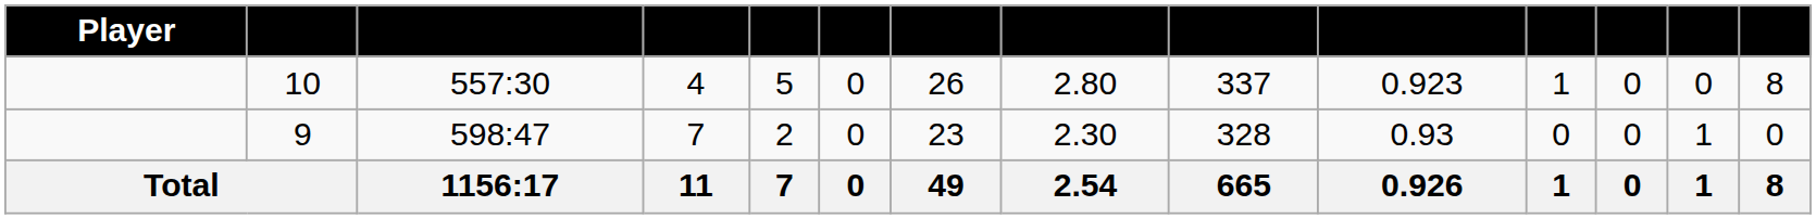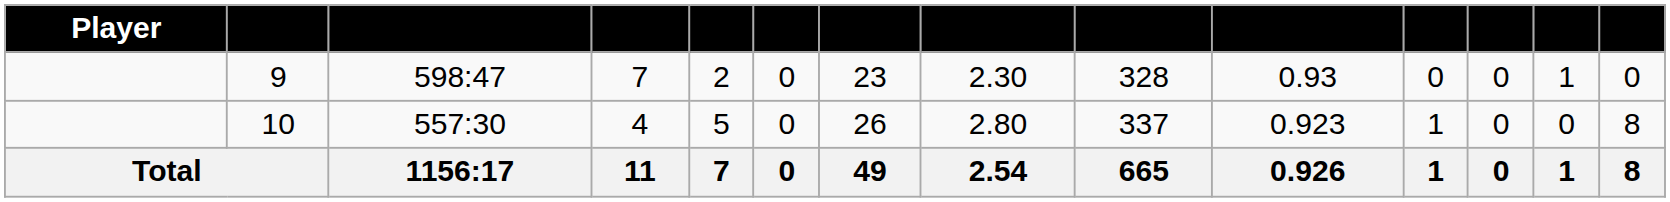 <table class="wikitable sortable" style="width:100%; text-align:center;">
 <tr>
 <th style="color:white; background:#000000; ">Player</th>
 <th style="color:white; background:#000000; "></th>
 <th style="color:white; background:#000000; "></th>
 <th style="color:white; background:#000000; "></th>
 <th style="color:white; background:#000000; "></th>
 <th style="color:white; background:#000000; "></th>
 <th style="color:white; background:#000000; "></th>
 <th style="color:white; background:#000000; "></th>
 <th style="color:white; background:#000000; "></th>
 <th style="color:white; background:#000000; "></th>
 <th style="color:white; background:#000000; "></th>
 <th style="color:white; background:#000000; "></th>
 <th style="color:white; background:#000000; "></th>
 <th style="color:white; background:#000000; "></th>
 </tr>
 <tr>
 <td></td>
+<td>9</td>
+<td>598:47</td>
+<td>7</td>
+<td>2</td>
+<td>0</td>
+<td>23</td>
+<td>2.30</td>
+<td>328</td>
+<td>0.93</td>
+<td>0</td>
+<td>0</td>
+<td>1</td>
+<td>0</td>
+</tr>
+<tr>
+<td></td>
 <td>10</td>
 <td>557:30</td>
 <td>4</td>
 <td>5</td>
 <td>0</td>
 <td>26</td>
 <td>2.80</td>
 <td>337</td>
 <td>0.923</td>
 <td>1</td>
 <td>0</td>
 <td>0</td>
 <td>8</td>
-</tr>
-<tr>
-<td></td>
-<td>9</td>
-<td>598:47</td>
-<td>7</td>
-<td>2</td>
-<td>0</td>
-<td>23</td>
-<td>2.30</td>
-<td>328</td>
-<td>0.93</td>
-<td>0</td>
-<td>0</td>
-<td>1</td>
-<td>0</td>
 </tr>
 <tr class="sortbotom">
 <th colspan=2>Total</th>
 <th>1156:17</th>
 <th>11</th>
 <th>7</th>
 <th>0</th>
 <th>49</th>
 <th>2.54</th>
 <th>665</th>
 <th>0.926</th>
 <th>1</th>
 <th>0</th>
 <th>1</th>
 <th>8</th>
 </tr>
 </table>
